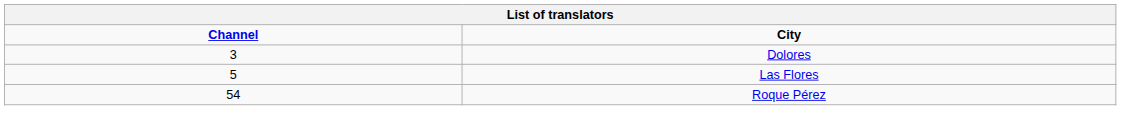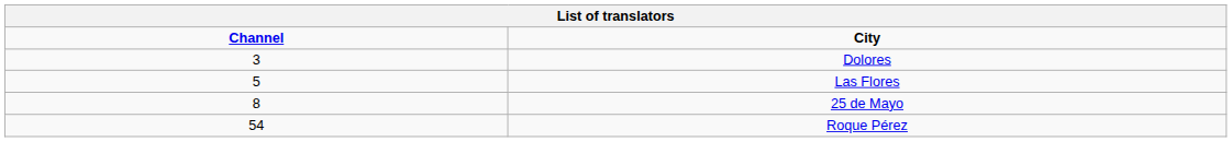 <table class="wikitable collapsible collapsed" style="font-size:90%; text-align: center; width: 100%;">
 <tr>
 <th colspan="2" style="with: 100%;" align="center">List of translators</th>
 </tr>
 <tr>
 <td><strong><a href='#'>Channel</a></strong></td>
 <td><strong>City</strong></td>
 </tr>
 <tr>
 <td>3</td>
 <td><a href='#'>Dolores</a></td>
 </tr>
 <tr>
 <td>5</td>
 <td><a href='#'>Las Flores</a></td>
 </tr>
 <tr>
+<td>8</td>
+<td><a href='#'>25 de Mayo</a></td>
+</tr>
+<tr>
 <td>54</td>
 <td><a href='#'>Roque Pérez</a></td>
 </tr>
 </table>
